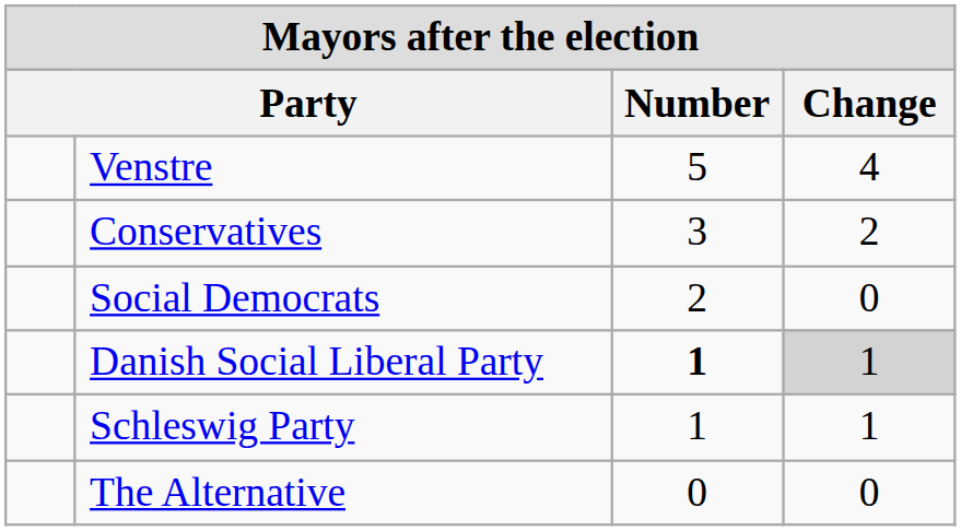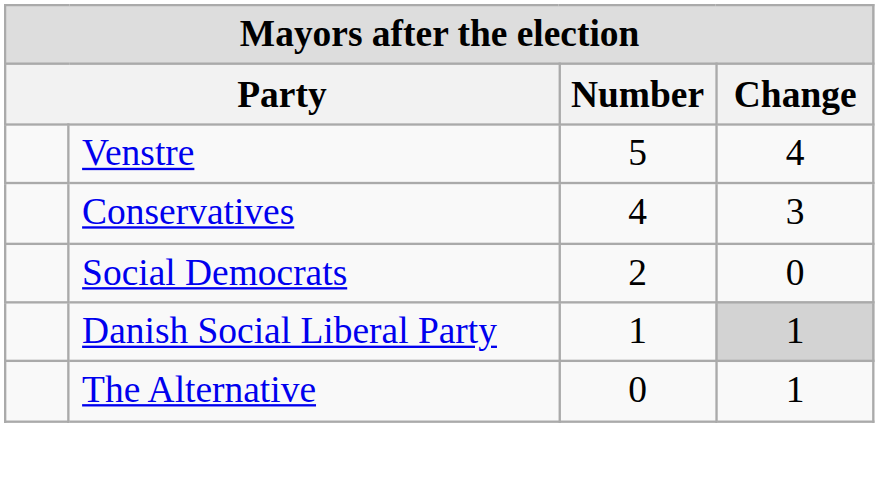 <table class="wikitable" style="">
 <tr>
 <td colspan="4" style="background:#dddddd; text-align:center;"><strong>Mayors after the election</strong></td>
 </tr>
 <tr>
 <th colspan="2">Party</th>
 <th style="width:60px;">Number</th>
 <th style="width:60px;">Change</th>
 </tr>
 <tr>
 <td style="width:20px; background:"></td>
 <td style="width:200px; padding-left:5px;"><a href='#'>Venstre</a></td>
 <td style="text-align:center;">5</td>
 <td style="text-align:center;"> 4</td>
 </tr>
 <tr>
 <td style="background:"></td>
 <td style="padding-left:5px;"><a href='#'>Conservatives</a></td>
-<td style="text-align:center;">3</td>
-<td style="text-align:center;"> 2</td>
+<td style="text-align:center;">4</td>
+<td style="text-align:center;"> 3</td>
 </tr>
 <tr>
 <td style="background:"></td>
 <td style="padding-left:5px;"><a href='#'>Social Democrats</a></td>
 <td style="text-align:center;">2</td>
 <td style="text-align:center;"> 0</td>
 </tr>
 <tr>
 <td style="background:"></td>
 <td style="padding-left:5px;"><a href='#'>Danish Social Liberal Party</a></td>
-<td style="text-align:center;"><strong>1</strong></td>
+<td style="text-align:center;">1</td>
 <td style="background: lightgrey; text-align:center;"> 1</td>
-</tr>
-<tr>
-<td style="background:"></td>
-<td style="padding-left:5px;"><a href='#'>Schleswig Party</a></td>
-<td style="text-align:center;">1</td>
-<td style="text-align:center;"> 1</td>
 </tr>
 <tr>
 <td style="background:"></td>
 <td style="padding-left:5px;"><a href='#'>The Alternative</a></td>
 <td style="text-align:center;">0</td>
-<td style="text-align:center;"> 0</td>
+<td style="text-align:center;"> 1</td>
 </tr>
 </table>
